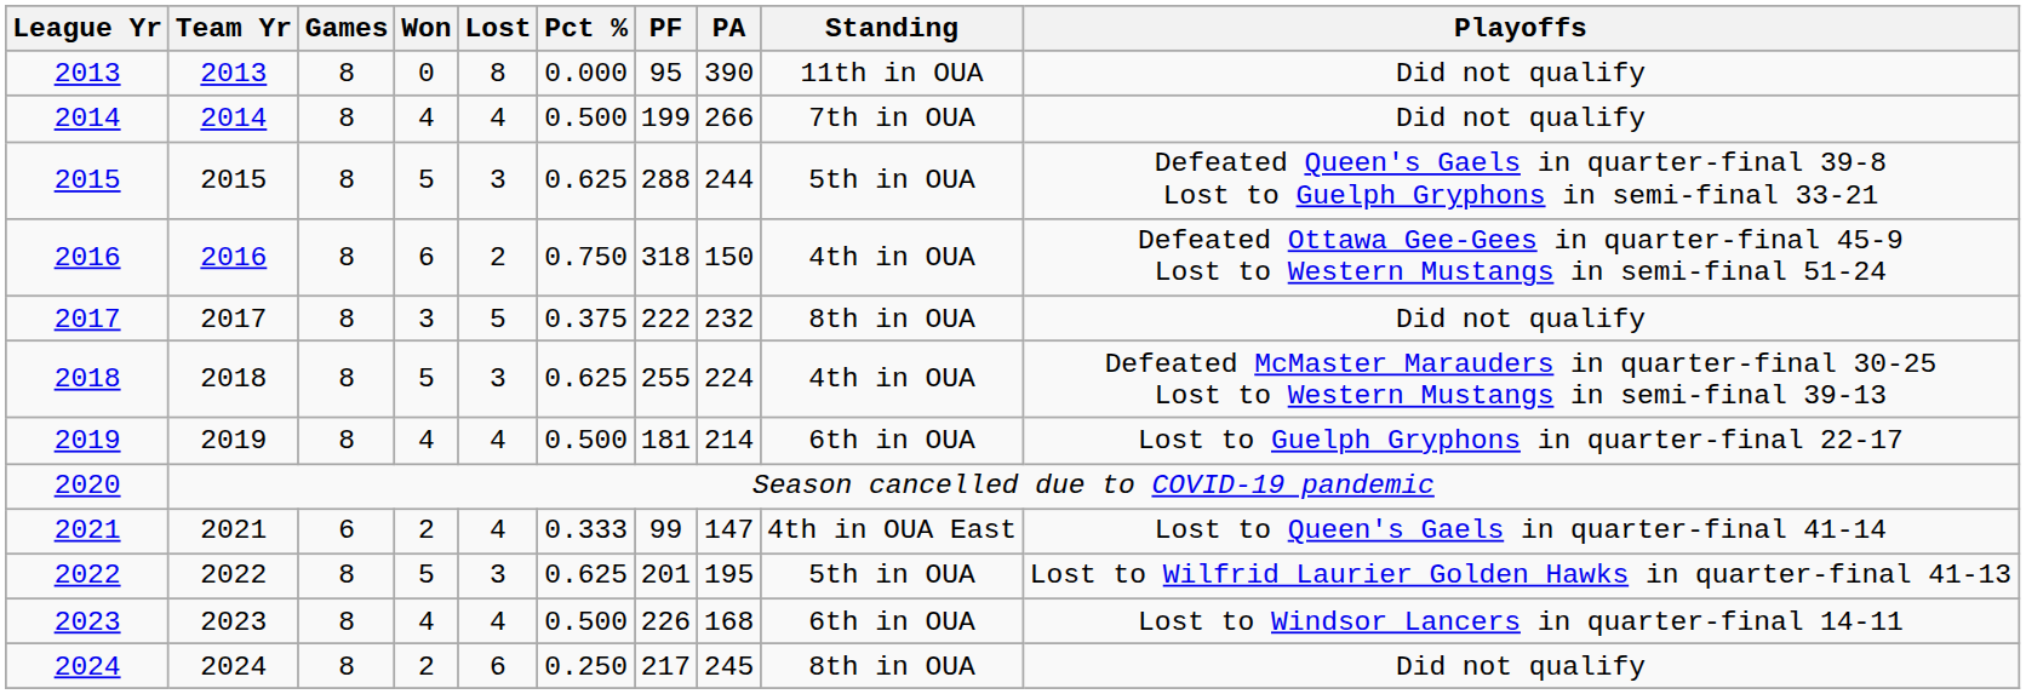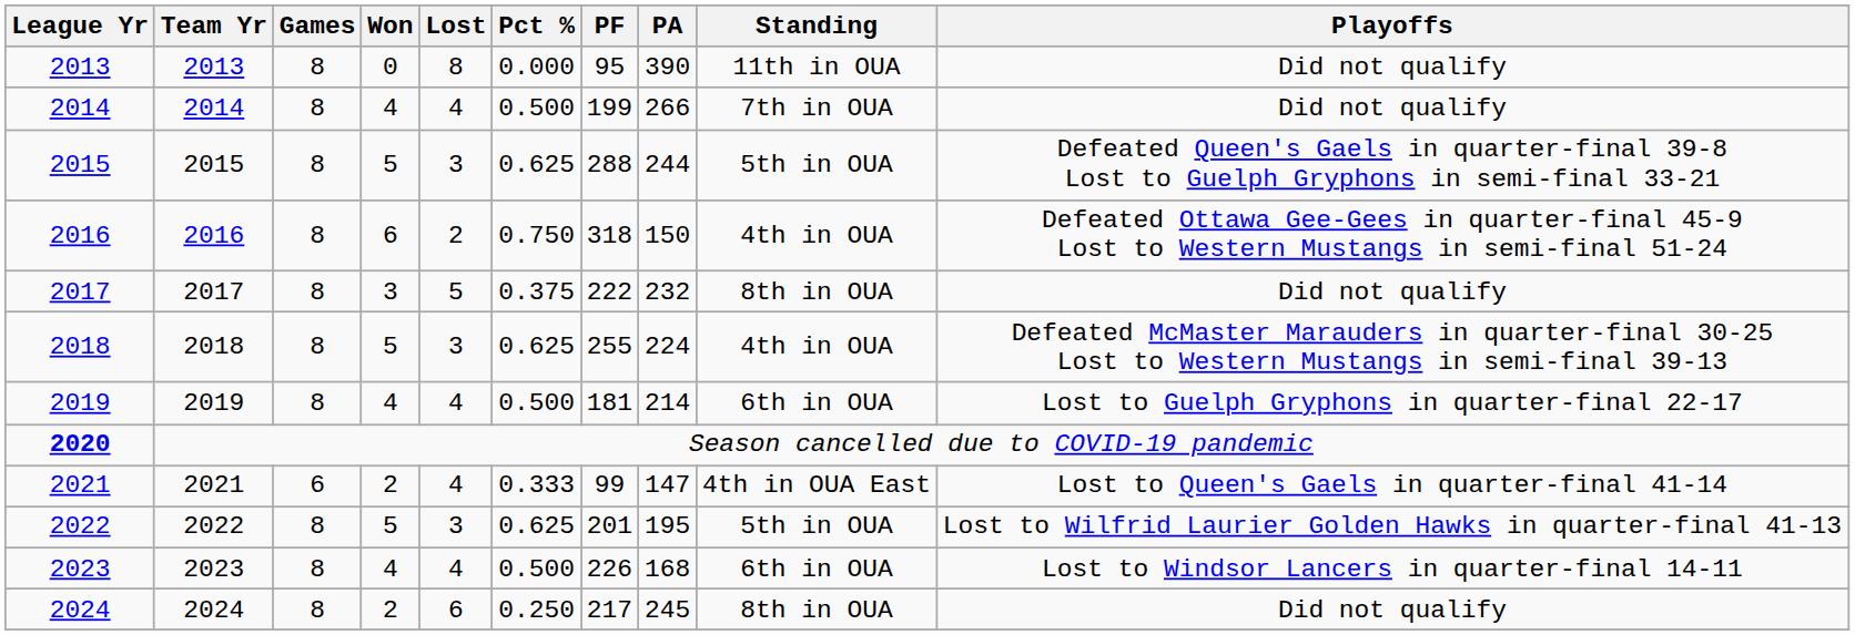 <table class="wikitable" style="text-align:center">
 <tr>
 <th>League Yr</th>
 <th>Team Yr</th>
 <th>Games</th>
 <th>Won</th>
 <th>Lost</th>
 <th>Pct %</th>
 <th>PF</th>
 <th>PA</th>
 <th>Standing</th>
 <th>Playoffs</th>
 </tr>
 <tr>
 <td><a href='#'>2013</a></td>
 <td><a href='#'>2013</a></td>
 <td>8</td>
 <td>0</td>
 <td>8</td>
 <td>0.000</td>
 <td>95</td>
 <td>390</td>
 <td>11th in OUA</td>
 <td>Did not qualify</td>
 </tr>
 <tr>
 <td><a href='#'>2014</a></td>
 <td><a href='#'>2014</a></td>
 <td>8</td>
 <td>4</td>
 <td>4</td>
 <td>0.500</td>
 <td>199</td>
 <td>266</td>
 <td>7th in OUA</td>
 <td>Did not qualify</td>
 </tr>
 <tr>
 <td><a href='#'>2015</a></td>
 <td>2015</td>
 <td>8</td>
 <td>5</td>
 <td>3</td>
 <td>0.625</td>
 <td>288</td>
 <td>244</td>
 <td>5th in OUA</td>
 <td>Defeated <a href='#'>Queen's Gaels</a> in quarter-final 39-8<br> Lost to <a href='#'>Guelph Gryphons</a> in semi-final 33-21</td>
 </tr>
 <tr>
 <td><a href='#'>2016</a></td>
 <td><a href='#'>2016</a></td>
 <td>8</td>
 <td>6</td>
 <td>2</td>
 <td>0.750</td>
 <td>318</td>
 <td>150</td>
 <td>4th in OUA</td>
 <td>Defeated <a href='#'>Ottawa Gee-Gees</a> in quarter-final 45-9<br> Lost to <a href='#'>Western Mustangs</a> in semi-final 51-24</td>
 </tr>
 <tr>
 <td><a href='#'>2017</a></td>
 <td>2017</td>
 <td>8</td>
 <td>3</td>
 <td>5</td>
 <td>0.375</td>
 <td>222</td>
 <td>232</td>
 <td>8th in OUA</td>
 <td>Did not qualify</td>
 </tr>
 <tr>
 <td><a href='#'>2018</a></td>
 <td>2018</td>
 <td>8</td>
 <td>5</td>
 <td>3</td>
 <td>0.625</td>
 <td>255</td>
 <td>224</td>
 <td>4th in OUA</td>
 <td>Defeated <a href='#'>McMaster Marauders</a> in quarter-final 30-25<br> Lost to <a href='#'>Western Mustangs</a> in semi-final 39-13</td>
 </tr>
 <tr>
 <td><a href='#'>2019</a></td>
 <td>2019</td>
 <td>8</td>
 <td>4</td>
 <td>4</td>
 <td>0.500</td>
 <td>181</td>
 <td>214</td>
 <td>6th in OUA</td>
 <td>Lost to <a href='#'>Guelph Gryphons</a> in quarter-final 22-17</td>
 </tr>
 <tr>
-<td><a href='#'>2020</a></td>
+<td><strong><a href='#'>2020</a></strong></td>
 <td align="center" colSpan="9"><em>Season cancelled due to <a href='#'>COVID-19 pandemic</a></em></td>
 </tr>
 <tr>
 <td><a href='#'>2021</a></td>
 <td>2021</td>
 <td>6</td>
 <td>2</td>
 <td>4</td>
 <td>0.333</td>
 <td>99</td>
 <td>147</td>
 <td>4th in OUA East</td>
 <td>Lost to <a href='#'>Queen's Gaels</a> in quarter-final 41-14</td>
 </tr>
 <tr>
 <td><a href='#'>2022</a></td>
 <td>2022</td>
 <td>8</td>
 <td>5</td>
 <td>3</td>
 <td>0.625</td>
 <td>201</td>
 <td>195</td>
 <td>5th in OUA</td>
 <td>Lost to <a href='#'>Wilfrid Laurier Golden Hawks</a> in quarter-final 41-13</td>
 </tr>
 <tr>
 <td><a href='#'>2023</a></td>
 <td>2023</td>
 <td>8</td>
 <td>4</td>
 <td>4</td>
 <td>0.500</td>
 <td>226</td>
 <td>168</td>
 <td>6th in OUA</td>
 <td>Lost to <a href='#'>Windsor Lancers</a> in quarter-final 14-11</td>
 </tr>
 <tr>
 <td><a href='#'>2024</a></td>
 <td>2024</td>
 <td>8</td>
 <td>2</td>
 <td>6</td>
 <td>0.250</td>
 <td>217</td>
 <td>245</td>
 <td>8th in OUA</td>
 <td>Did not qualify</td>
 </tr>
 </table>
